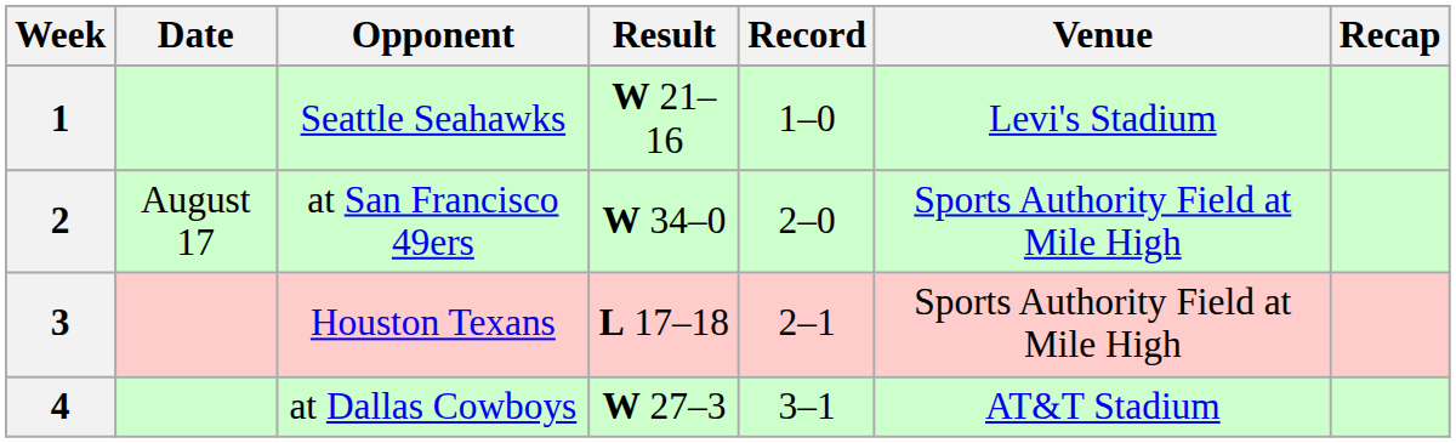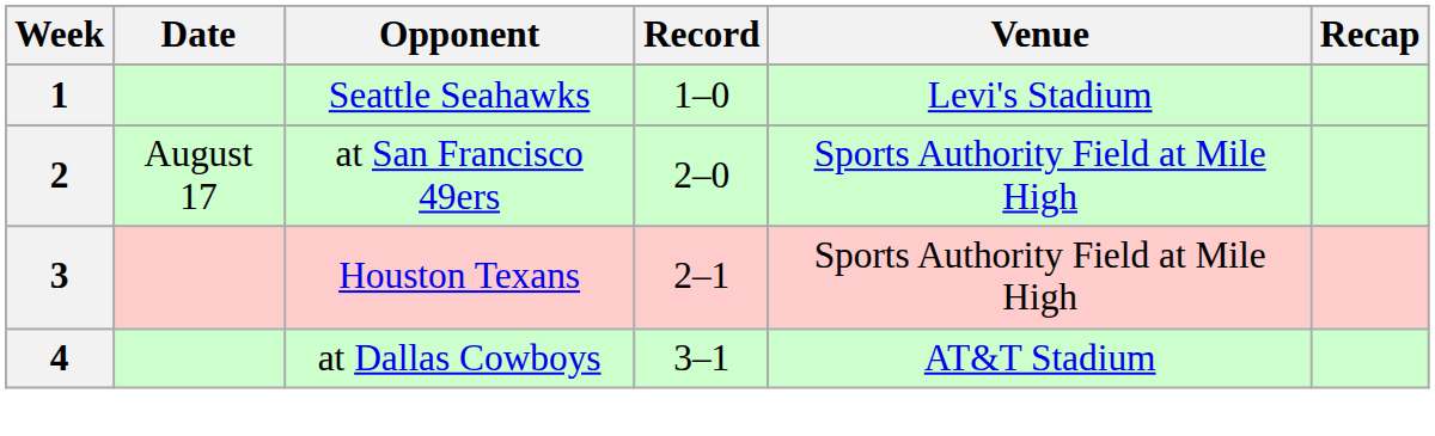 <table class="wikitable" style="text-align:center">
 <tr>
 <th>Week</th>
 <th>Date</th>
 <th>Opponent</th>
-<th>Result</th>
 <th>Record</th>
 <th>Venue</th>
 <th>Recap</th>
 </tr>
 <tr style="background:#cfc">
 <th>1</th>
 <td></td>
 <td><a href='#'>Seattle Seahawks</a></td>
-<td><strong>W</strong> 21–16</td>
 <td>1–0</td>
 <td><a href='#'>Levi's Stadium</a></td>
 <td></td>
 </tr>
 <tr style="background:#cfc">
 <th>2</th>
 <td>August 17</td>
 <td>at <a href='#'>San Francisco 49ers</a></td>
-<td><strong>W</strong> 34–0</td>
 <td>2–0</td>
 <td><a href='#'>Sports Authority Field at Mile High</a></td>
 <td></td>
 </tr>
 <tr style="background:#fcc">
 <th>3</th>
 <td></td>
 <td><a href='#'>Houston Texans</a></td>
-<td><strong>L</strong> 17–18</td>
 <td>2–1</td>
 <td>Sports Authority Field at Mile High</td>
 <td></td>
 </tr>
 <tr style="background:#cfc">
 <th>4</th>
 <td></td>
 <td>at <a href='#'>Dallas Cowboys</a></td>
-<td><strong>W</strong> 27–3</td>
 <td>3–1</td>
 <td><a href='#'>AT&T Stadium</a></td>
 <td></td>
 </tr>
 </table>
